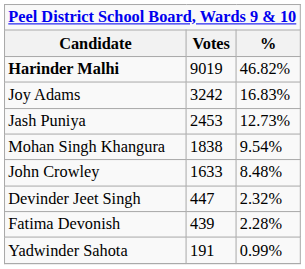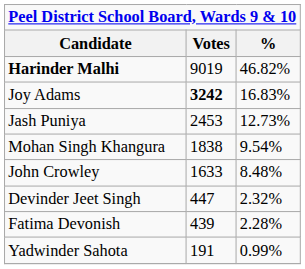 <table class="wikitable">
 <tr>
 <td colspan="3"><strong><a href='#'>Peel District School Board, Wards 9 & 10</a></strong></td>
 </tr>
 <tr>
 <th>Candidate</th>
 <th>Votes</th>
 <th>%</th>
 </tr>
 <tr>
 <td><strong>Harinder Malhi</strong></td>
 <td>9019</td>
 <td>46.82%</td>
 </tr>
 <tr>
 <td>Joy Adams</td>
-<td>3242</td>
+<td><strong>3242</strong></td>
 <td>16.83%</td>
 </tr>
 <tr>
 <td>Jash Puniya</td>
 <td>2453</td>
 <td>12.73%</td>
 </tr>
 <tr>
 <td>Mohan Singh Khangura</td>
 <td>1838</td>
 <td>9.54%</td>
 </tr>
 <tr>
 <td>John Crowley</td>
 <td>1633</td>
 <td>8.48%</td>
 </tr>
 <tr>
 <td>Devinder Jeet Singh</td>
 <td>447</td>
 <td>2.32%</td>
 </tr>
 <tr>
 <td>Fatima Devonish</td>
 <td>439</td>
 <td>2.28%</td>
 </tr>
 <tr>
 <td>Yadwinder Sahota</td>
 <td>191</td>
 <td>0.99%</td>
 </tr>
 <tr>
 </tr>
 </table>
